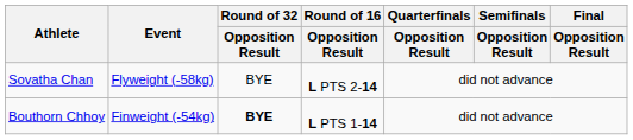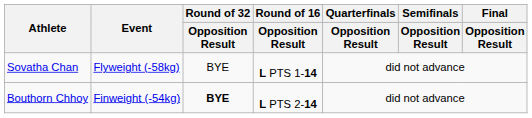 <table class="wikitable" style="font-size:90%">
 <tr>
 <th rowspan=2>Athlete</th>
 <th rowspan=2>Event</th>
 <th>Round of 32</th>
 <th>Round of 16</th>
 <th>Quarterfinals</th>
 <th>Semifinals</th>
 <th>Final</th>
 </tr>
 <tr>
 <th>Opposition<br>Result</th>
 <th>Opposition<br>Result</th>
 <th>Opposition<br>Result</th>
 <th>Opposition<br>Result</th>
 <th>Opposition<br>Result</th>
 </tr>
 <tr>
 <td><a href='#'>Sovatha Chan</a></td>
 <td><a href='#'>Flyweight (-58kg)</a></td>
 <td align=center>BYE</td>
-<td align=center><br><strong>L</strong> PTS 2-<strong>14</strong></td>
+<td align=center><br><strong>L</strong> PTS 1-<strong>14</strong></td>
 <td align=center colspan="7">did not advance</td>
 </tr>
 <tr>
 <td><a href='#'>Bouthorn Chhoy</a></td>
 <td><a href='#'>Finweight (-54kg)</a></td>
 <td align=center><strong>BYE</strong></td>
-<td align=center><br><strong>L</strong> PTS 1-<strong>14</strong></td>
+<td align=center><br><strong>L</strong> PTS 2-<strong>14</strong></td>
 <td align=center colspan="7">did not advance</td>
 </tr>
 </table>
